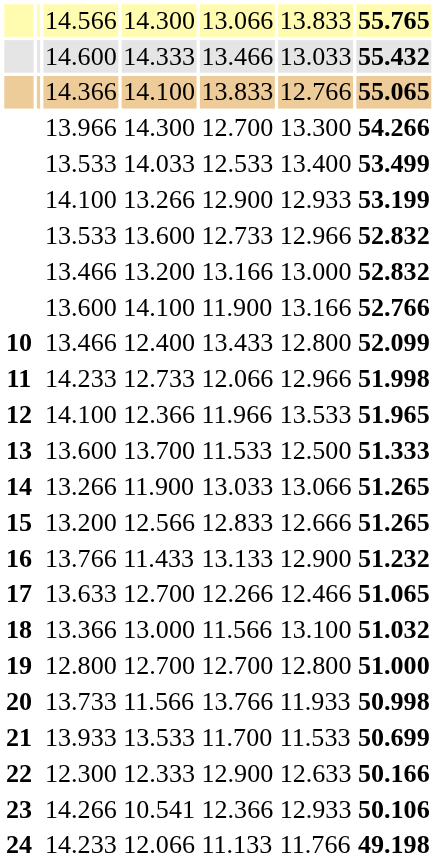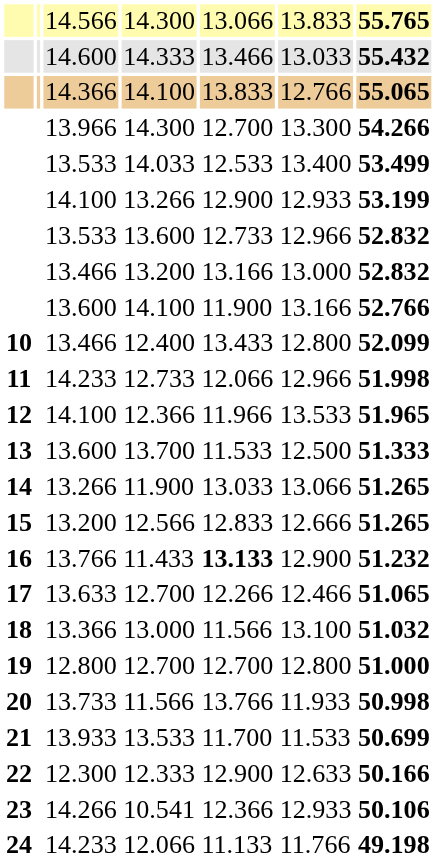 <table>
 <tr style="background:#fffcaf">
 <th scope=row></th>
 <td align=left></td>
 <td>14.566</td>
 <td>14.300</td>
 <td>13.066</td>
 <td>13.833</td>
 <td><strong>55.765</strong></td>
 </tr>
 <tr style="background:#e5e5e5">
 <th scope=row></th>
 <td align=left></td>
 <td>14.600</td>
 <td>14.333</td>
 <td>13.466</td>
 <td>13.033</td>
 <td><strong>55.432</strong></td>
 </tr>
 <tr style="background:#ec9">
 <th scope=row></th>
 <td align=left></td>
 <td>14.366</td>
 <td>14.100</td>
 <td>13.833</td>
 <td>12.766</td>
 <td><strong>55.065</strong></td>
 </tr>
 <tr>
 <th scope=row></th>
 <td align=left></td>
 <td>13.966</td>
 <td>14.300</td>
 <td>12.700</td>
 <td>13.300</td>
 <td><strong>54.266</strong></td>
 </tr>
 <tr>
 <th scope=row></th>
 <td align=left></td>
 <td>13.533</td>
 <td>14.033</td>
 <td>12.533</td>
 <td>13.400</td>
 <td><strong>53.499</strong></td>
 </tr>
 <tr>
 <th scope=row></th>
 <td align=left></td>
 <td>14.100</td>
 <td>13.266</td>
 <td>12.900</td>
 <td>12.933</td>
 <td><strong>53.199</strong></td>
 </tr>
 <tr>
 <th scope=row></th>
 <td align=left></td>
 <td>13.533</td>
 <td>13.600</td>
 <td>12.733</td>
 <td>12.966</td>
 <td><strong>52.832</strong></td>
 </tr>
 <tr>
 <th scope=row></th>
 <td align=left></td>
 <td>13.466</td>
 <td>13.200</td>
 <td>13.166</td>
 <td>13.000</td>
 <td><strong>52.832</strong></td>
 </tr>
 <tr>
 <th scope=row></th>
 <td align=left></td>
 <td>13.600</td>
 <td>14.100</td>
 <td>11.900</td>
 <td>13.166</td>
 <td><strong>52.766</strong></td>
 </tr>
 <tr>
 <th scope=row>10</th>
 <td align=left></td>
 <td>13.466</td>
 <td>12.400</td>
 <td>13.433</td>
 <td>12.800</td>
 <td><strong>52.099</strong></td>
 </tr>
 <tr>
 <th scope=row>11</th>
 <td align=left></td>
 <td>14.233</td>
 <td>12.733</td>
 <td>12.066</td>
 <td>12.966</td>
 <td><strong>51.998</strong></td>
 </tr>
 <tr>
 <th scope=row>12</th>
 <td align=left></td>
 <td>14.100</td>
 <td>12.366</td>
 <td>11.966</td>
 <td>13.533</td>
 <td><strong>51.965</strong></td>
 </tr>
 <tr>
 <th scope=row>13</th>
 <td align=left></td>
 <td>13.600</td>
 <td>13.700</td>
 <td>11.533</td>
 <td>12.500</td>
 <td><strong>51.333</strong></td>
 </tr>
 <tr>
 <th scope=row>14</th>
 <td align=left></td>
 <td>13.266</td>
 <td>11.900</td>
 <td>13.033</td>
 <td>13.066</td>
 <td><strong>51.265</strong></td>
 </tr>
 <tr>
 <th scope=row>15</th>
 <td align=left></td>
 <td>13.200</td>
 <td>12.566</td>
 <td>12.833</td>
 <td>12.666</td>
 <td><strong>51.265</strong></td>
 </tr>
 <tr>
 <th scope=row>16</th>
 <td align=left></td>
 <td>13.766</td>
 <td>11.433</td>
-<td>13.133</td>
+<td><strong>13.133</strong></td>
 <td>12.900</td>
 <td><strong>51.232</strong></td>
 </tr>
 <tr>
 <th scope=row>17</th>
 <td align=left></td>
 <td>13.633</td>
 <td>12.700</td>
 <td>12.266</td>
 <td>12.466</td>
 <td><strong>51.065</strong></td>
 </tr>
 <tr>
 <th scope=row>18</th>
 <td align=left></td>
 <td>13.366</td>
 <td>13.000</td>
 <td>11.566</td>
 <td>13.100</td>
 <td><strong>51.032</strong></td>
 </tr>
 <tr>
 <th scope=row>19</th>
 <td align=left></td>
 <td>12.800</td>
 <td>12.700</td>
 <td>12.700</td>
 <td>12.800</td>
 <td><strong>51.000</strong></td>
 </tr>
 <tr>
 <th scope=row>20</th>
 <td align=left></td>
 <td>13.733</td>
 <td>11.566</td>
 <td>13.766</td>
 <td>11.933</td>
 <td><strong>50.998</strong></td>
 </tr>
 <tr>
 <th scope=row>21</th>
 <td align=left></td>
 <td>13.933</td>
 <td>13.533</td>
 <td>11.700</td>
 <td>11.533</td>
 <td><strong>50.699</strong></td>
 </tr>
 <tr>
 <th scope=row>22</th>
 <td align=left></td>
 <td>12.300</td>
 <td>12.333</td>
 <td>12.900</td>
 <td>12.633</td>
 <td><strong>50.166</strong></td>
 </tr>
 <tr>
 <th scope=row>23</th>
 <td align=left></td>
 <td>14.266</td>
 <td>10.541</td>
 <td>12.366</td>
 <td>12.933</td>
 <td><strong>50.106</strong></td>
 </tr>
 <tr>
 <th scope=row>24</th>
 <td align=left></td>
 <td>14.233</td>
 <td>12.066</td>
 <td>11.133</td>
 <td>11.766</td>
 <td><strong>49.198</strong></td>
 </tr>
 </table>
